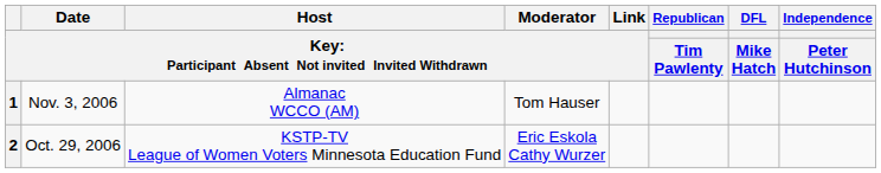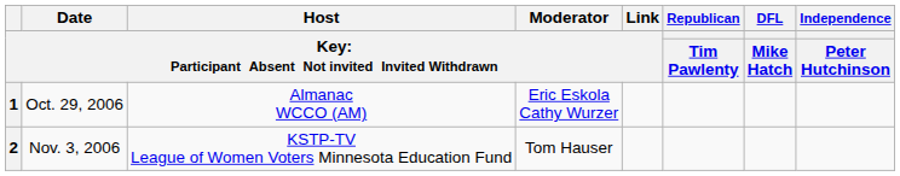 <table class="wikitable" style="text-align:center;">
 <tr>
 <th scope="col"></th>
 <th scope="col">Date</th>
 <th scope="col">Host</th>
 <th scope="col">Moderator</th>
 <th scope="col">Link</th>
 <th scope="col"><small><a href='#'>Republican</a></small></th>
 <th scope="col"><small><a href='#'>DFL</a></small></th>
 <th scope="col"><small><a href='#'>Independence</a></small></th>
 </tr>
 <tr>
 <th colspan="5" rowspan="2">Key:<br> <small>Participant </small>  <small>Absent </small>  <small>Not invited </small>  <small>Invited  Withdrawn</small></th>
 <th scope="col" style="background:"></th>
 <th scope="col" style="background:"></th>
 <th scope="col" style="background:"></th>
 </tr>
 <tr>
 <th scope="col"><a href='#'>Tim Pawlenty</a></th>
 <th scope="col"><a href='#'>Mike Hatch</a></th>
 <th scope="col"><a href='#'>Peter Hutchinson</a></th>
 </tr>
 <tr>
 <th>1</th>
-<td style="white-space:nowrap;">Nov. 3, 2006</td>
+<td style="white-space:nowrap;">Oct. 29, 2006</td>
 <td style="white-space:nowrap;"><a href='#'>Almanac</a><br><a href='#'>WCCO (AM)</a></td>
-<td style="white-space:nowrap;">Tom Hauser</td>
+<td style="white-space:nowrap;"><a href='#'>Eric Eskola</a><br><a href='#'>Cathy Wurzer</a></td>
 <td style="white-space:nowrap;"></td>
 <td></td>
 <td></td>
 <td></td>
 </tr>
 <tr>
 <th>2</th>
-<td style="white-space:nowrap;">Oct. 29, 2006</td>
+<td style="white-space:nowrap;">Nov. 3, 2006</td>
 <td style="white-space:nowrap;"><a href='#'>KSTP-TV</a><br><a href='#'>League of Women Voters</a> Minnesota Education Fund</td>
-<td style="white-space:nowrap;"><a href='#'>Eric Eskola</a><br><a href='#'>Cathy Wurzer</a></td>
+<td style="white-space:nowrap;">Tom Hauser</td>
 <td style="white-space:nowrap;"></td>
 <td></td>
 <td></td>
 <td></td>
 </tr>
 </table>
